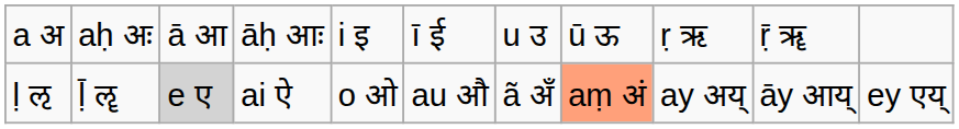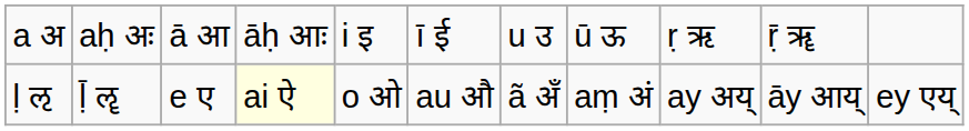 <table class="wikitable">
 <tr>
 <td> a अ</td>
 <td> aḥ अः</td>
 <td> ā आ</td>
 <td>āḥ आः</td>
 <td> i इ</td>
 <td> ī ई</td>
 <td> u उ</td>
 <td> ū ऊ</td>
 <td> ṛ ऋ</td>
 <td> ṝ ॠ</td>
 </tr>
 <tr>
 <td> ḷ ऌ</td>
 <td> ḹ ॡ</td>
-<td style="background: lightgrey;"> e  ए</td>
-<td> ai ऐ</td>
+<td> e  ए</td>
+<td style="background: lightyellow;"> ai ऐ</td>
 <td> o  ओ</td>
 <td> au औ</td>
 <td> ã  अँ</td>
-<td style="background: lightsalmon;"> aṃ अं</td>
+<td> aṃ अं</td>
 <td> ay अय्</td>
 <td> āy आय्</td>
 <td> ey एय्</td>
 </tr>
 </table>
